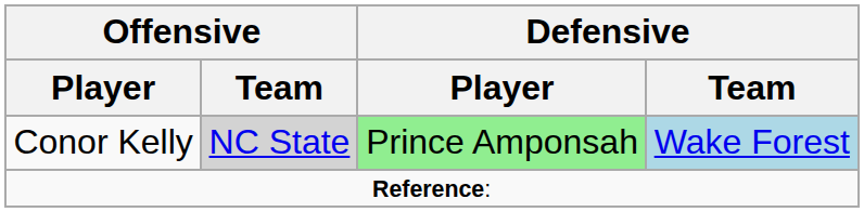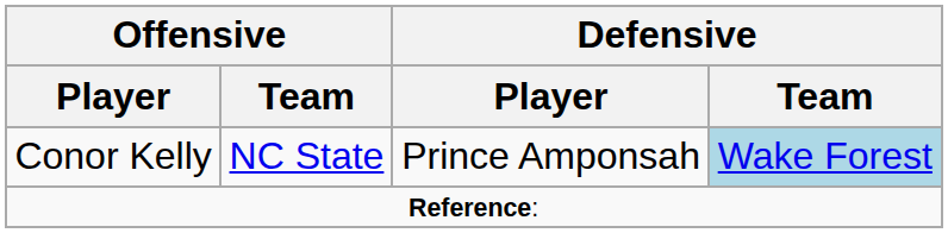 <table class="wikitable" style="text-align: center;">
 <tr>
 <th colspan="2">Offensive</th>
 <th colspan="2">Defensive</th>
 </tr>
 <tr>
 <th>Player</th>
 <th>Team</th>
 <th>Player</th>
 <th>Team</th>
 </tr>
 <tr>
 <td>Conor Kelly</td>
-<td style="background: lightgrey;"><a href='#'>NC State</a></td>
-<td style="background: lightgreen;">Prince Amponsah</td>
+<td><a href='#'>NC State</a></td>
+<td>Prince Amponsah</td>
 <td style="background: lightblue;"><a href='#'>Wake Forest</a></td>
 </tr>
 <tr>
 <td colspan="4"  style="font-size:8pt; text-align:center;"><strong>Reference</strong>:</td>
 </tr>
 </table>
